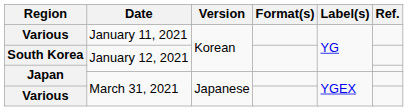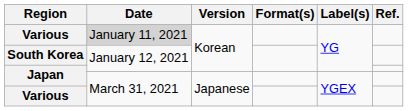 <table class="wikitable plainrowheaders">
 <tr>
 <th scope="col">Region</th>
 <th scope="col">Date</th>
 <th scope="col">Version</th>
 <th scope="col">Format(s)</th>
 <th scope="col">Label(s)</th>
 <th scope="col">Ref.</th>
 </tr>
 <tr>
 <th scope="row">Various</th>
-<td>January 11, 2021</td>
+<td style="background: lightgrey;">January 11, 2021</td>
 <td rowspan="3">Korean</td>
 <td></td>
 <td rowspan="3"><a href='#'>YG</a></td>
 <td align="center"></td>
 </tr>
 <tr>
 <th scope="row">South Korea</th>
 <td rowspan="2">January 12, 2021</td>
 <td rowspan="2"></td>
 <td align="center"></td>
 </tr>
 <tr>
 <th scope="row" rowspan="2">Japan</th>
 <td align="center"></td>
 </tr>
 <tr>
 <td rowspan="2">March 31, 2021</td>
 <td rowspan="2">Japanese</td>
 <td></td>
 <td rowspan="2"><a href='#'>YGEX</a></td>
 <td align="center"></td>
 </tr>
 <tr>
 <th scope="row">Various</th>
 <td></td>
 <td align="center"></td>
 </tr>
 </table>
